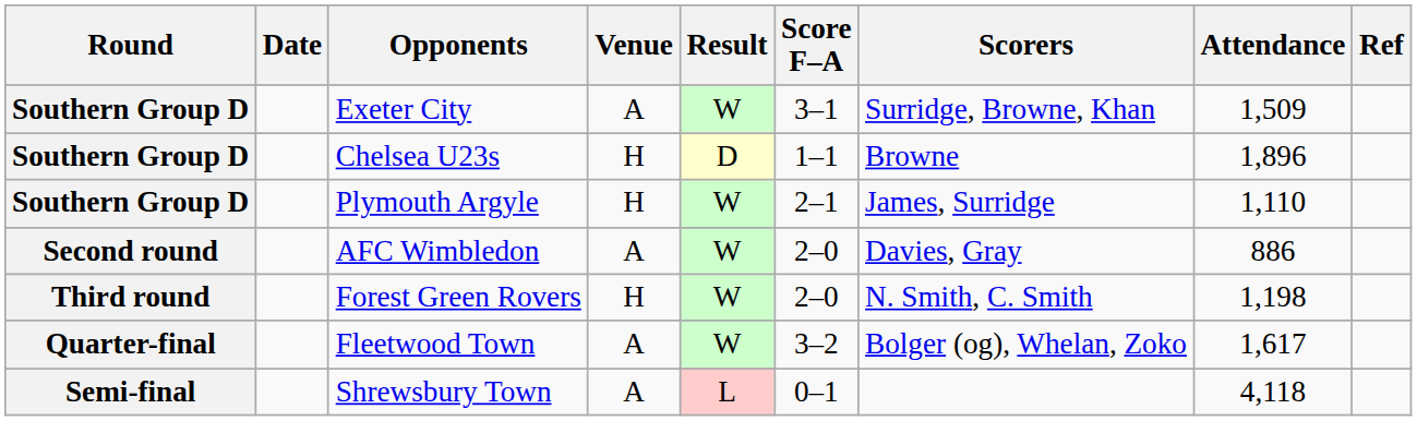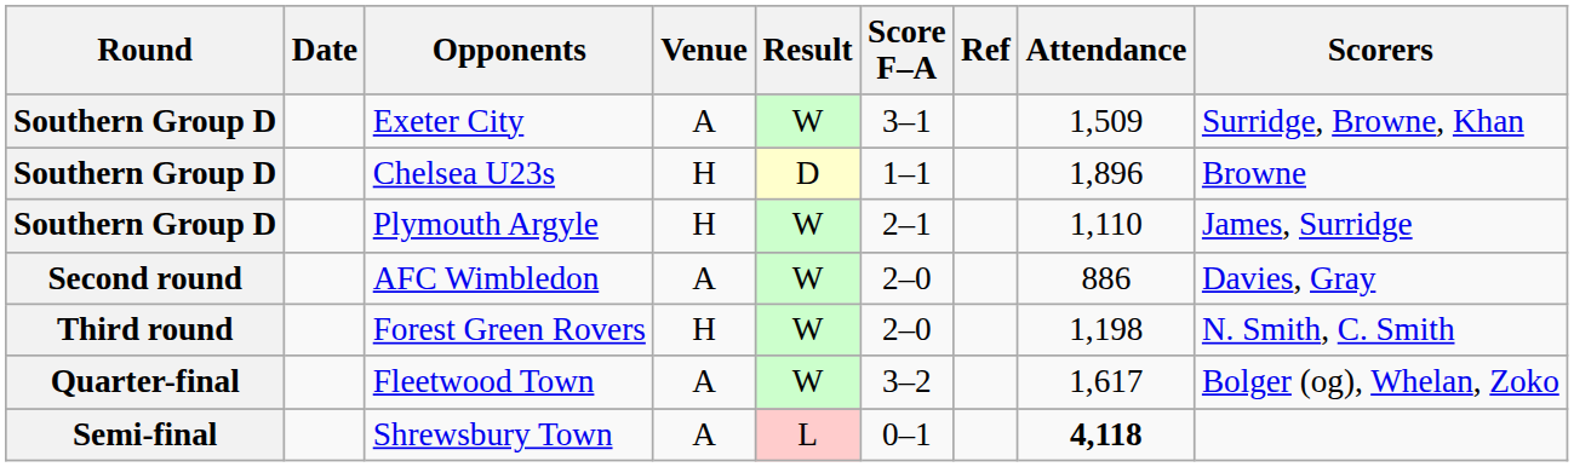 <table class="wikitable plainrowheaders sortable" style="text-align:center">
 <tr>
 <th scope="col">Round</th>
 <th scope="col">Date</th>
 <th scope="col">Opponents</th>
 <th scope="col">Venue</th>
 <th scope="col">Result</th>
 <th scope="col">Score<br>F–A</th>
+<th scope="col" class="unsortable">Ref</th>
+<th scope="col">Attendance</th>
 <th scope="col" class="unsortable">Scorers</th>
-<th scope="col">Attendance</th>
-<th scope="col" class="unsortable">Ref</th>
 </tr>
 <tr>
 <th scope="row">Southern Group D</th>
 <td align="left"></td>
 <td align="left"><a href='#'>Exeter City</a></td>
 <td>A</td>
 <td style="background-color:#CCFFCC">W</td>
 <td>3–1</td>
+<td></td>
+<td>1,509</td>
 <td align="left"><a href='#'>Surridge</a>, <a href='#'>Browne</a>, <a href='#'>Khan</a></td>
-<td>1,509</td>
-<td></td>
 </tr>
 <tr>
 <th scope="row">Southern Group D</th>
 <td align="left"></td>
 <td align="left"><a href='#'>Chelsea U23s</a></td>
 <td>H</td>
 <td style="background-color:#FFFFCC">D</td>
 <td>1–1</td>
+<td></td>
+<td>1,896</td>
 <td align="left"><a href='#'>Browne</a></td>
-<td>1,896</td>
-<td></td>
 </tr>
 <tr>
 <th scope="row">Southern Group D</th>
 <td align="left"></td>
 <td align="left"><a href='#'>Plymouth Argyle</a></td>
 <td>H</td>
 <td style="background-color:#CCFFCC">W</td>
 <td>2–1</td>
+<td></td>
+<td>1,110</td>
 <td align="left"><a href='#'>James</a>, <a href='#'>Surridge</a></td>
-<td>1,110</td>
-<td></td>
 </tr>
 <tr>
 <th scope="row">Second round</th>
 <td align="left"></td>
 <td align="left"><a href='#'>AFC Wimbledon</a></td>
 <td>A</td>
 <td style="background-color:#CCFFCC">W</td>
 <td>2–0</td>
+<td></td>
+<td>886</td>
 <td align="left"><a href='#'>Davies</a>, <a href='#'>Gray</a></td>
-<td>886</td>
-<td></td>
 </tr>
 <tr>
 <th scope="row">Third round</th>
 <td align="left"></td>
 <td align="left"><a href='#'>Forest Green Rovers</a></td>
 <td>H</td>
 <td style="background-color:#CCFFCC">W</td>
 <td>2–0</td>
+<td></td>
+<td>1,198</td>
 <td align="left"><a href='#'>N. Smith</a>, <a href='#'>C. Smith</a></td>
-<td>1,198</td>
-<td></td>
 </tr>
 <tr>
 <th scope="row">Quarter-final</th>
 <td align="left"></td>
 <td align="left"><a href='#'>Fleetwood Town</a></td>
 <td>A</td>
 <td style="background-color:#CCFFCC">W</td>
 <td>3–2</td>
+<td></td>
+<td>1,617</td>
 <td align="left"><a href='#'>Bolger</a> (og), <a href='#'>Whelan</a>, <a href='#'>Zoko</a></td>
-<td>1,617</td>
-<td></td>
 </tr>
 <tr>
 <th scope="row">Semi-final</th>
 <td align="left"></td>
 <td align="left"><a href='#'>Shrewsbury Town</a></td>
 <td>A</td>
 <td style="background-color:#FFCCCC">L</td>
 <td>0–1</td>
+<td></td>
+<td><strong>4,118</strong></td>
 <td align="left"></td>
-<td>4,118</td>
-<td></td>
 </tr>
 </table>
